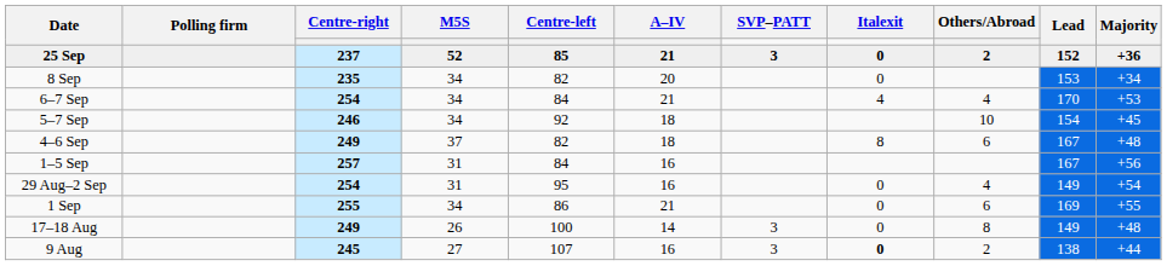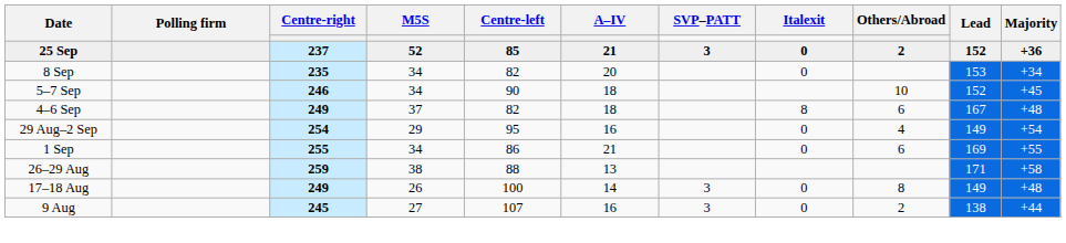 <table class="wikitable collapsible" style="text-align:center;font-size:85%;line-height:13px">
 <tr style="height:30px; background-color:#E9E9E9">
 <th rowspan="2" style="width:100px;">Date</th>
 <th rowspan="2" style="width:150px;">Polling firm</th>
 <th style="width:90px;"><a href='#'>Centre-right</a></th>
 <th style="width:90px;"><a href='#'>M5S</a></th>
 <th style="width:90px;"><a href='#'>Centre-left</a></th>
 <th style="width:90px;"><a href='#'>A–IV</a></th>
 <th style="width:90px;"><a href='#'>SVP</a>–<a href='#'>PATT</a></th>
 <th style="width:90px;"><a href='#'>Italexit</a></th>
 <th style="width:90px;">Others/Abroad</th>
 <th style="width:45px;" rowspan="2">Lead</th>
 <th style="width:45px;" rowspan="2">Majority</th>
 </tr>
 <tr>
 <th style="background:"></th>
 <th style="background:"></th>
 <th style="background:"></th>
 <th style="background:"></th>
 <td></td>
 <td></td>
 <th style="background:"></th>
 </tr>
 <tr style="background:#EFEFEF; font-weight:bold;">
 <td>25 Sep</td>
 <td></td>
 <td style="background:#C8EBFF">237</td>
 <td>52</td>
 <td>85</td>
 <td>21</td>
 <td>3</td>
 <td>0</td>
 <td>2</td>
 <td style="background:">152</td>
 <td style="background:">+36</td>
 </tr>
 <tr>
 <td>8 Sep</td>
 <td></td>
 <td style="background:#C8EBFF"><strong>235</strong></td>
 <td>34</td>
 <td>82</td>
 <td>20</td>
 <td></td>
 <td>0</td>
 <td></td>
 <td style="background:#0A6BE1; color:white;">153</td>
 <td style="background:#0A6BE1; color:white;">+34</td>
 </tr>
 <tr>
-<td>6–7 Sep</td>
-<td></td>
-<td style="background:#C8EBFF"><strong>254</strong></td>
-<td>34</td>
-<td>84</td>
-<td>21</td>
-<td></td>
-<td>4</td>
-<td>4</td>
-<td style="background:#0A6BE1; color:white;">170</td>
-<td style="background:#0A6BE1; color:white;">+53</td>
-</tr>
-<tr>
 <td>5–7 Sep</td>
 <td></td>
 <td style="background:#C8EBFF"><strong>246</strong></td>
 <td>34</td>
-<td>92</td>
+<td>90</td>
 <td>18</td>
 <td></td>
 <td></td>
 <td>10</td>
-<td style="background:#0A6BE1; color:white;">154</td>
+<td style="background:#0A6BE1; color:white;">152</td>
 <td style="background:#0A6BE1; color:white;">+45</td>
 </tr>
 <tr>
 <td>4–6 Sep</td>
 <td></td>
 <td style="background:#C8EBFF"><strong>249</strong></td>
 <td>37</td>
 <td>82</td>
 <td>18</td>
 <td></td>
 <td>8</td>
 <td>6</td>
 <td style="background:#0A6BE1; color:white;">167</td>
 <td style="background:#0A6BE1; color:white;">+48</td>
 </tr>
 <tr>
-<td>1–5 Sep</td>
-<td></td>
-<td style="background:#C8EBFF"><strong>257</strong></td>
-<td>31</td>
-<td>84</td>
-<td>16</td>
-<td></td>
-<td></td>
-<td></td>
-<td style="background:#0A6BE1; color:white;">167</td>
-<td style="background:#0A6BE1; color:white;">+56</td>
-</tr>
-<tr>
 <td>29 Aug–2 Sep</td>
 <td></td>
 <td style="background:#C8EBFF"><strong>254</strong></td>
-<td>31</td>
+<td>29</td>
 <td>95</td>
 <td>16</td>
 <td></td>
 <td>0</td>
 <td>4</td>
 <td style="background:#0A6BE1; color:white;">149</td>
 <td style="background:#0A6BE1; color:white;">+54</td>
 </tr>
 <tr>
 <td>1 Sep</td>
 <td></td>
 <td style="background:#C8EBFF"><strong>255</strong></td>
 <td>34</td>
 <td>86</td>
 <td>21</td>
 <td></td>
 <td>0</td>
 <td>6</td>
 <td style="background:#0A6BE1; color:white;">169</td>
 <td style="background:#0A6BE1; color:white;">+55</td>
 </tr>
 <tr>
+<td>26–29 Aug</td>
+<td></td>
+<td style="background:#C8EBFF"><strong>259</strong></td>
+<td>38</td>
+<td>88</td>
+<td>13</td>
+<td></td>
+<td></td>
+<td></td>
+<td style="background:#0A6BE1; color:white;">171</td>
+<td style="background:#0A6BE1; color:white;">+58</td>
+</tr>
+<tr>
 <td>17–18 Aug</td>
 <td></td>
 <td style="background:#C8EBFF"><strong>249</strong></td>
 <td>26</td>
 <td>100</td>
 <td>14</td>
 <td>3</td>
 <td>0</td>
 <td>8</td>
 <td style="background:#0A6BE1; color:white;">149</td>
 <td style="background:#0A6BE1; color:white;">+48</td>
 </tr>
 <tr>
 <td>9 Aug</td>
 <td></td>
 <td style="background:#C8EBFF"><strong>245</strong></td>
 <td>27</td>
 <td>107</td>
 <td>16</td>
 <td>3</td>
-<td><strong>0</strong></td>
+<td>0</td>
 <td>2</td>
 <td style="background:#0A6BE1; color:white;">138</td>
 <td style="background:#0A6BE1; color:white;">+44</td>
 </tr>
 </table>
